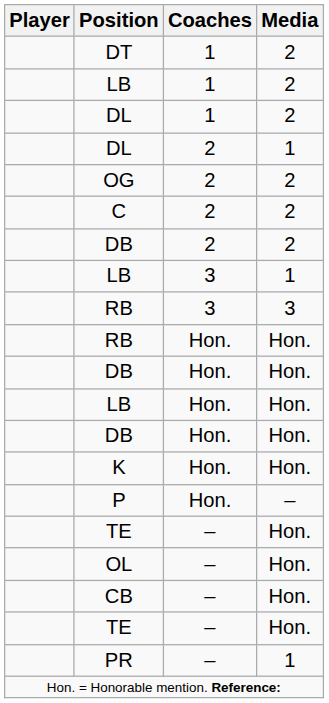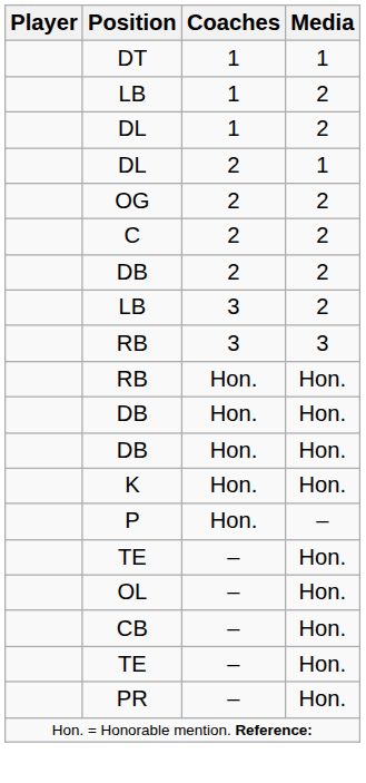 <table class="wikitable sortable sortable" style="text-align: center">
 <tr align=center>
 <th>Player</th>
 <th>Position</th>
 <th>Coaches</th>
 <th>Media</th>
 </tr>
 <tr>
 <td></td>
 <td>DT</td>
 <td>1</td>
-<td>2</td>
+<td>1</td>
 </tr>
 <tr>
 <td></td>
 <td>LB</td>
 <td>1</td>
 <td>2</td>
 </tr>
 <tr>
 <td></td>
 <td>DL</td>
 <td>1</td>
 <td>2</td>
 </tr>
 <tr>
 <td></td>
 <td>DL</td>
 <td>2</td>
 <td>1</td>
 </tr>
 <tr>
 <td></td>
 <td>OG</td>
 <td>2</td>
 <td>2</td>
 </tr>
 <tr>
 <td></td>
 <td>C</td>
 <td>2</td>
 <td>2</td>
 </tr>
 <tr>
 <td></td>
 <td>DB</td>
 <td>2</td>
 <td>2</td>
 </tr>
 <tr>
 <td></td>
 <td>LB</td>
 <td>3</td>
-<td>1</td>
+<td>2</td>
 </tr>
 <tr>
 <td></td>
 <td>RB</td>
 <td>3</td>
 <td>3</td>
 </tr>
 <tr>
 <td></td>
 <td>RB</td>
 <td data-sort-value="4">Hon.</td>
 <td data-sort-value="4">Hon.</td>
 </tr>
 <tr>
 <td></td>
 <td>DB</td>
-<td data-sort-value="4">Hon.</td>
-<td data-sort-value="4">Hon.</td>
-</tr>
-<tr>
-<td></td>
-<td>LB</td>
 <td data-sort-value="4">Hon.</td>
 <td data-sort-value="4">Hon.</td>
 </tr>
 <tr>
 <td></td>
 <td>DB</td>
 <td data-sort-value="4">Hon.</td>
 <td data-sort-value="4">Hon.</td>
 </tr>
 <tr>
 <td></td>
 <td>K</td>
 <td data-sort-value="4">Hon.</td>
 <td data-sort-value="4">Hon.</td>
 </tr>
 <tr>
 <td></td>
 <td>P</td>
 <td data-sort-value="4">Hon.</td>
 <td data-sort-value="5">–</td>
 </tr>
 <tr>
 <td></td>
 <td>TE</td>
 <td data-sort-value="5">–</td>
 <td data-sort-value="4">Hon.</td>
 </tr>
 <tr>
 <td></td>
 <td>OL</td>
 <td data-sort-value="5">–</td>
 <td data-sort-value="4">Hon.</td>
 </tr>
 <tr>
 <td></td>
 <td>CB</td>
 <td data-sort-value="5">–</td>
 <td data-sort-value="4">Hon.</td>
 </tr>
 <tr>
 <td></td>
 <td>TE</td>
 <td data-sort-value="5">–</td>
 <td data-sort-value="4">Hon.</td>
 </tr>
 <tr>
 <td></td>
 <td>PR</td>
 <td data-sort-value="5">–</td>
-<td>1</td>
+<td data-sort-value="4">Hon.</td>
 </tr>
 <tr class="sortbottom">
 <td colspan="4"  style="font-size:8pt; text-align:center;">Hon. = Honorable mention. <strong>Reference:</strong></td>
 </tr>
 </table>
